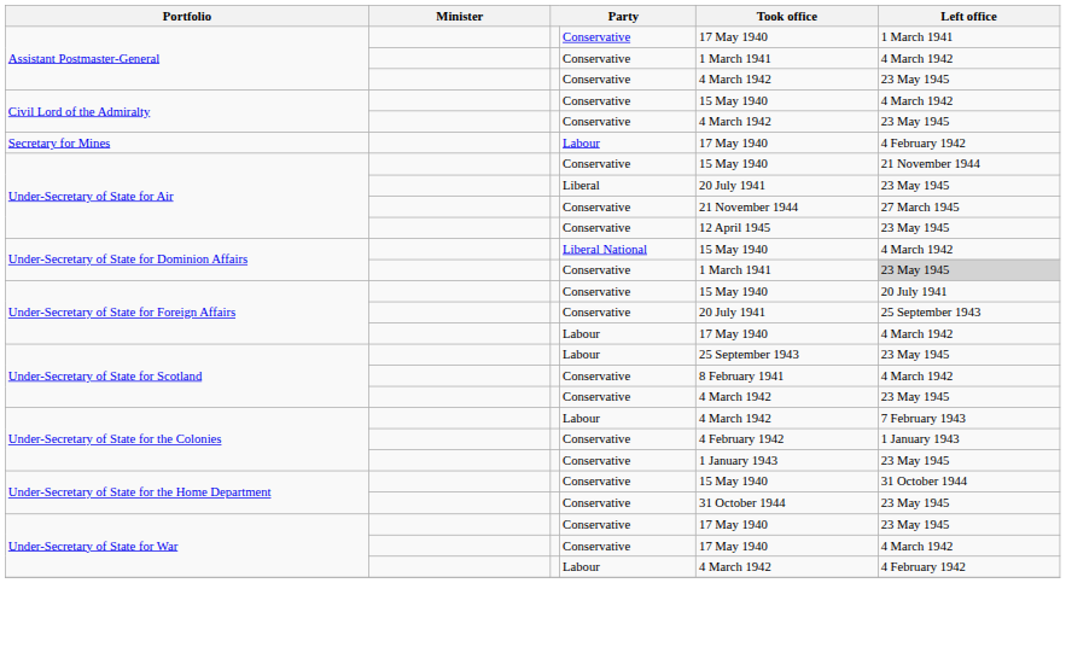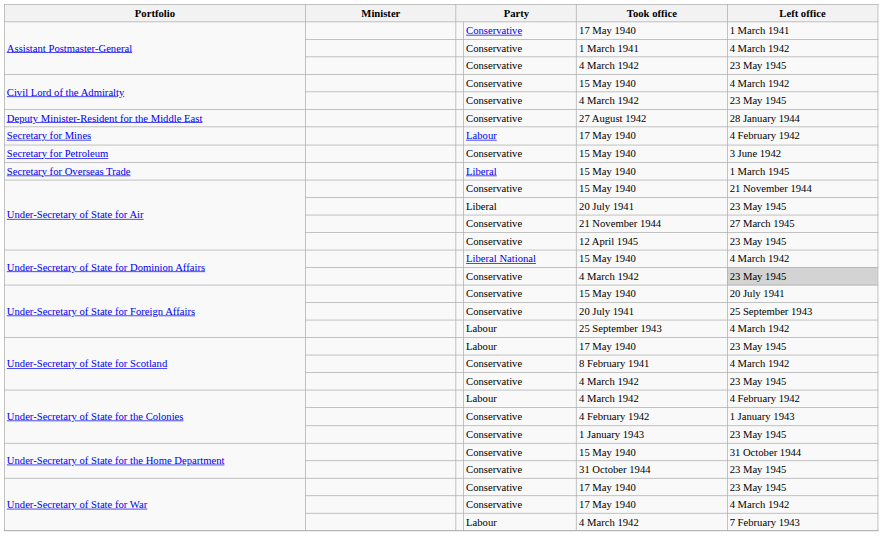 <table class="wikitable sortable" style="font-size:95%;">
 <tr>
 <th scope="col" width="25%">Portfolio</th>
 <th scope="col" width="12.5%">Minister</th>
 <th scope="col" width="10%" colspan=2>Party</th>
 <th scope="col" width="12.5%">Took office</th>
 <th scope="col" width="12.5%">Left office</th>
 </tr>
 <tr>
 <td rowspan=3><a href='#'>Assistant Postmaster-General</a></td>
 <td></td>
 <td style="background: "></td>
 <td><a href='#'>Conservative</a></td>
 <td>17 May 1940</td>
 <td>1 March 1941</td>
 </tr>
 <tr>
 <td></td>
 <td style="background: "></td>
 <td>Conservative</td>
 <td>1 March 1941</td>
 <td>4 March 1942</td>
 </tr>
 <tr>
 <td></td>
 <td style="background: "></td>
 <td>Conservative</td>
 <td>4 March 1942</td>
 <td>23 May 1945</td>
 </tr>
 <tr>
 <td rowspan=2><a href='#'>Civil Lord of the Admiralty</a></td>
 <td></td>
 <td style="background: "></td>
 <td>Conservative</td>
 <td>15 May 1940</td>
 <td>4 March 1942</td>
 </tr>
 <tr>
 <td></td>
 <td style="background: "></td>
 <td>Conservative</td>
 <td>4 March 1942</td>
 <td>23 May 1945</td>
 </tr>
 <tr>
+<td><a href='#'>Deputy Minister-Resident for the Middle East</a></td>
+<td></td>
+<td style="background: "></td>
+<td>Conservative</td>
+<td>27 August 1942</td>
+<td>28 January 1944</td>
+</tr>
+<tr>
 <td><a href='#'>Secretary for Mines</a></td>
 <td></td>
 <td style="background: "></td>
 <td><a href='#'>Labour</a></td>
 <td>17 May 1940</td>
 <td>4 February 1942</td>
+</tr>
+<tr>
+<td><a href='#'>Secretary for Petroleum</a></td>
+<td></td>
+<td style="background: "></td>
+<td>Conservative</td>
+<td>15 May 1940</td>
+<td>3 June 1942</td>
+</tr>
+<tr>
+<td><a href='#'>Secretary for Overseas Trade</a></td>
+<td></td>
+<td style="background: "></td>
+<td><a href='#'>Liberal</a></td>
+<td>15 May 1940</td>
+<td>1 March 1945</td>
 </tr>
 <tr>
 <td rowspan=4><a href='#'>Under-Secretary of State for Air</a></td>
 <td></td>
 <td style="background: "></td>
 <td>Conservative</td>
 <td>15 May 1940</td>
 <td>21 November 1944</td>
 </tr>
 <tr>
 <td></td>
 <td style="background: "></td>
 <td>Liberal</td>
 <td>20 July 1941</td>
 <td>23 May 1945</td>
 </tr>
 <tr>
 <td></td>
 <td style="background: "></td>
 <td>Conservative</td>
 <td>21 November 1944</td>
 <td>27 March 1945</td>
 </tr>
 <tr>
 <td></td>
 <td style="background: "></td>
 <td>Conservative</td>
 <td>12 April 1945</td>
 <td>23 May 1945</td>
 </tr>
 <tr>
 <td rowspan=2><a href='#'>Under-Secretary of State for Dominion Affairs</a></td>
 <td></td>
 <td style="background: "></td>
 <td><a href='#'>Liberal National</a></td>
 <td>15 May 1940</td>
 <td>4 March 1942</td>
 </tr>
 <tr>
 <td></td>
 <td style="background: "></td>
 <td>Conservative</td>
-<td>1 March 1941</td>
+<td>4 March 1942</td>
 <td style="background: lightgrey;">23 May 1945</td>
 </tr>
 <tr>
 <td rowspan=3><a href='#'>Under-Secretary of State for Foreign Affairs</a></td>
 <td></td>
 <td style="background: "></td>
 <td>Conservative</td>
 <td>15 May 1940</td>
 <td>20 July 1941</td>
 </tr>
 <tr>
 <td></td>
 <td style="background: "></td>
 <td>Conservative</td>
 <td>20 July 1941</td>
 <td>25 September 1943</td>
 </tr>
 <tr>
 <td></td>
 <td style="background: "></td>
 <td>Labour</td>
-<td>17 May 1940</td>
+<td>25 September 1943</td>
 <td>4 March 1942</td>
 </tr>
 <tr>
 <td rowspan=3><a href='#'>Under-Secretary of State for Scotland</a></td>
 <td></td>
 <td style="background: "></td>
 <td>Labour</td>
-<td>25 September 1943</td>
+<td>17 May 1940</td>
 <td>23 May 1945</td>
 </tr>
 <tr>
 <td></td>
 <td style="background: "></td>
 <td>Conservative</td>
 <td>8 February 1941</td>
 <td>4 March 1942</td>
 </tr>
 <tr>
 <td></td>
 <td style="background: "></td>
 <td>Conservative</td>
 <td>4 March 1942</td>
 <td>23 May 1945</td>
 </tr>
 <tr>
 <td rowspan=3><a href='#'>Under-Secretary of State for the Colonies</a></td>
 <td></td>
 <td style="background: "></td>
 <td>Labour</td>
 <td>4 March 1942</td>
-<td>7 February 1943</td>
+<td>4 February 1942</td>
 </tr>
 <tr>
 <td></td>
 <td style="background: "></td>
 <td>Conservative</td>
 <td>4 February 1942</td>
 <td>1 January 1943</td>
 </tr>
 <tr>
 <td></td>
 <td style="background: "></td>
 <td>Conservative</td>
 <td>1 January 1943</td>
 <td>23 May 1945</td>
 </tr>
 <tr>
 <td rowspan=2><a href='#'>Under-Secretary of State for the Home Department</a></td>
 <td></td>
 <td style="background: "></td>
 <td>Conservative</td>
 <td>15 May 1940</td>
 <td>31 October 1944</td>
 </tr>
 <tr>
 <td></td>
 <td style="background: "></td>
 <td>Conservative</td>
 <td>31 October 1944</td>
 <td>23 May 1945</td>
 </tr>
 <tr>
 <td rowspan=3><a href='#'>Under-Secretary of State for War</a></td>
 <td></td>
 <td style="background: "></td>
 <td>Conservative</td>
 <td>17 May 1940</td>
 <td>23 May 1945</td>
 </tr>
 <tr>
 <td></td>
 <td style="background: "></td>
 <td>Conservative</td>
 <td>17 May 1940</td>
 <td>4 March 1942</td>
 </tr>
 <tr>
 <td></td>
 <td style="background: "></td>
 <td>Labour</td>
 <td>4 March 1942</td>
-<td>4 February 1942</td>
+<td>7 February 1943</td>
 </tr>
 <tr>
 </tr>
 </table>
